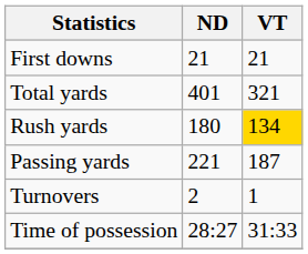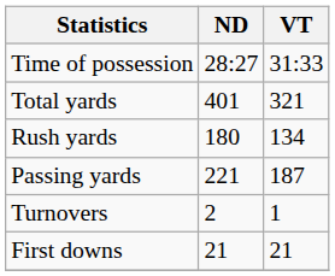 <table class="wikitable" style="float: left;">
 <tr>
 <th>Statistics</th>
 <th>ND</th>
 <th>VT</th>
 </tr>
 <tr>
-<td>First downs</td>
-<td>21</td>
-<td>21</td>
+<td>Time of possession</td>
+<td>28:27</td>
+<td>31:33</td>
 </tr>
 <tr>
 <td>Total yards</td>
 <td>401</td>
 <td>321</td>
 </tr>
 <tr>
 <td>Rush yards</td>
 <td>180</td>
-<td style="background: gold;">134</td>
+<td>134</td>
 </tr>
 <tr>
 <td>Passing yards</td>
 <td>221</td>
 <td>187</td>
 </tr>
 <tr>
 <td>Turnovers</td>
 <td>2</td>
 <td>1</td>
 </tr>
 <tr>
-<td>Time of possession</td>
-<td>28:27</td>
-<td>31:33</td>
+<td>First downs</td>
+<td>21</td>
+<td>21</td>
 </tr>
 <tr>
 </tr>
 </table>
